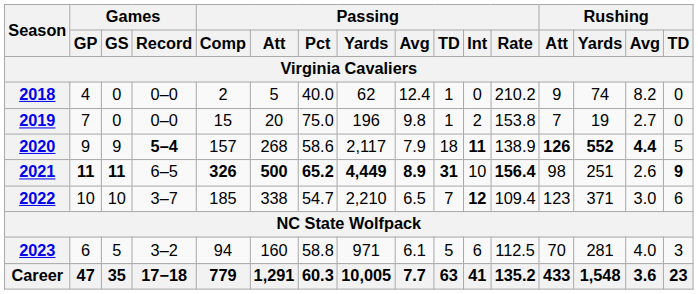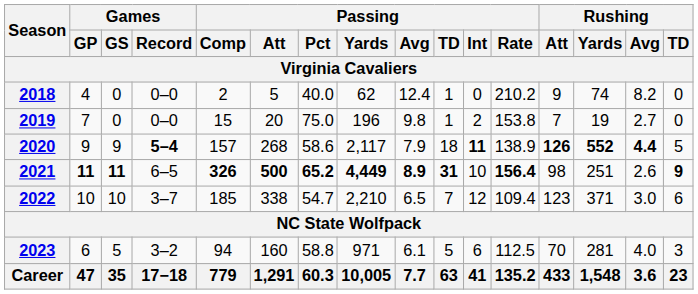 <table class="wikitable" style="text-align:center;">
 <tr>
 <th rowspan="2">Season</th>
 <th colspan="3">Games</th>
 <th colspan="8">Passing</th>
 <th colspan="5">Rushing</th>
 </tr>
 <tr>
 <th>GP</th>
 <th>GS</th>
 <th>Record</th>
 <th>Comp</th>
 <th>Att</th>
 <th>Pct</th>
 <th>Yards</th>
 <th>Avg</th>
 <th>TD</th>
 <th>Int</th>
 <th>Rate</th>
 <th>Att</th>
 <th>Yards</th>
 <th>Avg</th>
 <th>TD</th>
 </tr>
 <tr>
 <th colspan="16">Virginia Cavaliers</th>
 </tr>
 <tr>
 <th><a href='#'>2018</a></th>
 <td>4</td>
 <td>0</td>
 <td>0–0</td>
 <td>2</td>
 <td>5</td>
 <td>40.0</td>
 <td>62</td>
 <td>12.4</td>
 <td>1</td>
 <td>0</td>
 <td>210.2</td>
 <td>9</td>
 <td>74</td>
 <td>8.2</td>
 <td>0</td>
 </tr>
 <tr>
 <th><a href='#'>2019</a></th>
 <td>7</td>
 <td>0</td>
 <td>0–0</td>
 <td>15</td>
 <td>20</td>
 <td>75.0</td>
 <td>196</td>
 <td>9.8</td>
 <td>1</td>
 <td>2</td>
 <td>153.8</td>
 <td>7</td>
 <td>19</td>
 <td>2.7</td>
 <td>0</td>
 </tr>
 <tr>
 <th><a href='#'>2020</a></th>
 <td>9</td>
 <td>9</td>
 <td><strong>5–4</strong></td>
 <td>157</td>
 <td>268</td>
 <td>58.6</td>
 <td>2,117</td>
 <td>7.9</td>
 <td>18</td>
 <td><strong>11</strong></td>
 <td>138.9</td>
 <td><strong>126</strong></td>
 <td><strong>552</strong></td>
 <td><strong>4.4</strong></td>
 <td>5</td>
 </tr>
 <tr>
 <th><a href='#'>2021</a></th>
 <td><strong>11</strong></td>
 <td><strong>11</strong></td>
 <td>6–5</td>
 <td><strong>326</strong></td>
 <td><strong>500</strong></td>
 <td><strong>65.2</strong></td>
 <td><strong>4,449</strong></td>
 <td><strong>8.9</strong></td>
 <td><strong>31</strong></td>
 <td>10</td>
 <td><strong>156.4</strong></td>
 <td>98</td>
 <td>251</td>
 <td>2.6</td>
 <td><strong>9</strong></td>
 </tr>
 <tr>
 <th><a href='#'>2022</a></th>
 <td>10</td>
 <td>10</td>
 <td>3–7</td>
 <td>185</td>
 <td>338</td>
 <td>54.7</td>
 <td>2,210</td>
 <td>6.5</td>
 <td>7</td>
-<td><strong>12</strong></td>
+<td>12</td>
 <td>109.4</td>
 <td>123</td>
 <td>371</td>
 <td>3.0</td>
 <td>6</td>
 </tr>
 <tr>
 <th colspan="16">NC State Wolfpack</th>
 </tr>
 <tr>
 <th><a href='#'>2023</a></th>
 <td>6</td>
 <td>5</td>
 <td>3–2</td>
 <td>94</td>
 <td>160</td>
 <td>58.8</td>
 <td>971</td>
 <td>6.1</td>
 <td>5</td>
 <td>6</td>
 <td>112.5</td>
 <td>70</td>
 <td>281</td>
 <td>4.0</td>
 <td>3</td>
 </tr>
 <tr>
 <th>Career</th>
 <th>47</th>
 <th>35</th>
 <th>17−18</th>
 <th>779</th>
 <th>1,291</th>
 <th>60.3</th>
 <th>10,005</th>
 <th>7.7</th>
 <th>63</th>
 <th>41</th>
 <th>135.2</th>
 <th>433</th>
 <th>1,548</th>
 <th>3.6</th>
 <th>23</th>
 </tr>
 </table>
